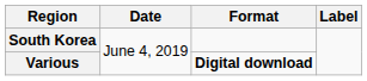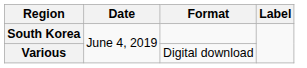 <table class="wikitable plainrowheaders">
 <tr>
 <th>Region</th>
 <th>Date</th>
 <th>Format</th>
 <th>Label</th>
 </tr>
 <tr>
 <th scope="row">South Korea</th>
 <td rowspan="2">June 4, 2019</td>
 <td></td>
 <td rowspan="2"></td>
 </tr>
 <tr>
 <th scope="row">Various</th>
-<td><strong>Digital download</strong></td>
+<td>Digital download</td>
 </tr>
 </table>
